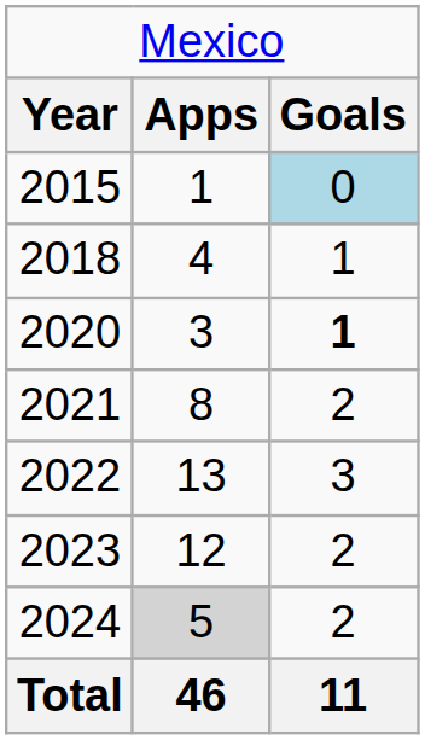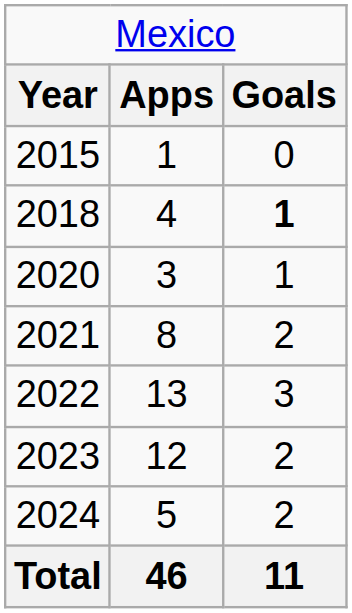 <table class="wikitable" style="text-align:center">
 <tr>
 <td colspan=3><a href='#'>Mexico</a></td>
 </tr>
 <tr>
 <th>Year</th>
 <th>Apps</th>
 <th>Goals</th>
 </tr>
 <tr>
 <td>2015</td>
 <td>1</td>
-<td style="background: lightblue;">0</td>
+<td>0</td>
 </tr>
 <tr>
 <td>2018</td>
 <td>4</td>
-<td>1</td>
+<td><strong>1</strong></td>
 </tr>
 <tr>
 <td>2020</td>
 <td>3</td>
-<td><strong>1</strong></td>
+<td>1</td>
 </tr>
 <tr>
 <td>2021</td>
 <td>8</td>
 <td>2</td>
 </tr>
 <tr>
 <td>2022</td>
 <td>13</td>
 <td>3</td>
 </tr>
 <tr>
 <td>2023</td>
 <td>12</td>
 <td>2</td>
 </tr>
 <tr>
 <td>2024</td>
-<td style="background: lightgrey;">5</td>
+<td>5</td>
 <td>2</td>
 </tr>
 <tr>
 <th>Total</th>
 <th>46</th>
 <th>11</th>
 </tr>
 </table>
